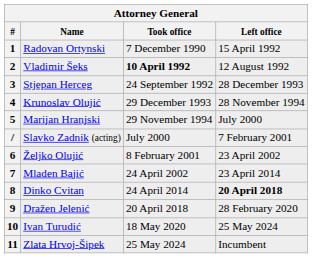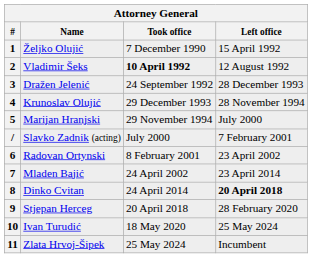 <table class="wikitable">
 <tr>
 <th colspan=4>Attorney General</th>
 </tr>
 <tr>
 <th><small>#</small></th>
 <th><small>Name</small></th>
 <th><small>Took office</small></th>
 <th><small>Left office</small></th>
 </tr>
 <tr style="background:#eee;">
 <th style="background:">1</th>
-<td><a href='#'>Radovan Ortynski</a></td>
+<td><a href='#'>Željko Olujić</a></td>
 <td>7 December 1990</td>
 <td>15 April 1992</td>
 </tr>
 <tr style="background:#eee;">
 <th style="background:">2</th>
 <td><a href='#'>Vladimir Šeks</a></td>
 <td><strong>10 April 1992</strong></td>
 <td>12 August 1992</td>
 </tr>
 <tr style="background:#eee;">
 <th style="background:">3</th>
-<td><a href='#'>Stjepan Herceg</a></td>
+<td><a href='#'>Dražen Jelenić</a></td>
 <td>24 September 1992</td>
 <td>28 December 1993</td>
 </tr>
 <tr style="background:#eee;">
 <th style="background:">4</th>
 <td><a href='#'>Krunoslav Olujić</a></td>
 <td>29 December 1993</td>
 <td>28 November 1994</td>
 </tr>
 <tr style="background:#eee;">
 <th style="background:">5</th>
 <td><a href='#'>Marijan Hranjski</a></td>
 <td>29 November 1994</td>
 <td>July 2000</td>
 </tr>
 <tr style="background:#eee;">
 <th style="background:">/</th>
 <td><a href='#'>Slavko Zadnik</a> <small>(acting)</small></td>
 <td>July 2000</td>
 <td>7 February 2001</td>
 </tr>
 <tr style="background:#eee;">
 <th style="background:">6</th>
-<td><a href='#'>Željko Olujić</a></td>
+<td><a href='#'>Radovan Ortynski</a></td>
 <td>8 February 2001</td>
 <td>23 April 2002</td>
 </tr>
 <tr style="background:#eee;">
 <th style="background:">7</th>
 <td><a href='#'>Mladen Bajić</a></td>
 <td>24 April 2002</td>
 <td>23 April 2014</td>
 </tr>
 <tr style="background:#eee;">
 <th style="background:">8</th>
 <td><a href='#'>Dinko Cvitan</a></td>
 <td>24 April 2014</td>
 <td><strong>20 April 2018</strong></td>
 </tr>
 <tr style="background:#eee;">
 <th style="background:">9</th>
-<td><a href='#'>Dražen Jelenić</a></td>
+<td><a href='#'>Stjepan Herceg</a></td>
 <td>20 April 2018</td>
 <td>28 February 2020</td>
 </tr>
 <tr style="background:#eee;">
 <th style="background:">10</th>
 <td><a href='#'>Ivan Turudić</a></td>
 <td>18 May 2020</td>
 <td>25 May 2024</td>
 </tr>
 <tr style="background:#eee;">
 <th style="background:">11</th>
 <td><a href='#'>Zlata Hrvoj-Šipek</a></td>
 <td>25 May 2024</td>
 <td>Incumbent</td>
 </tr>
 </table>
